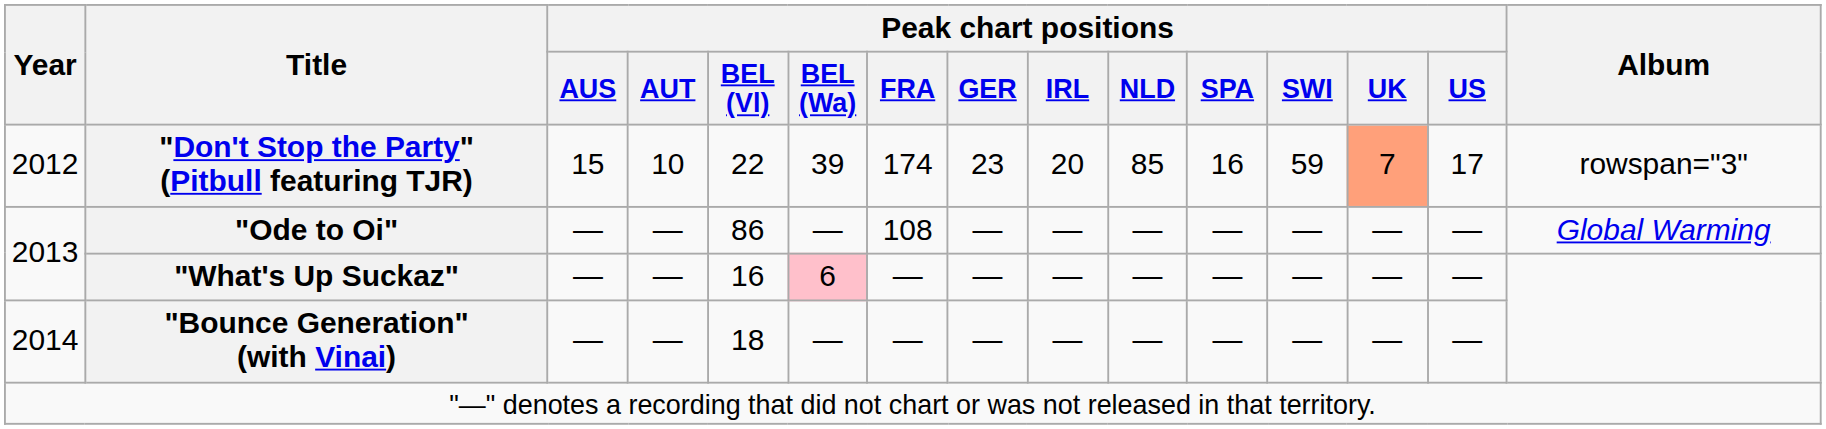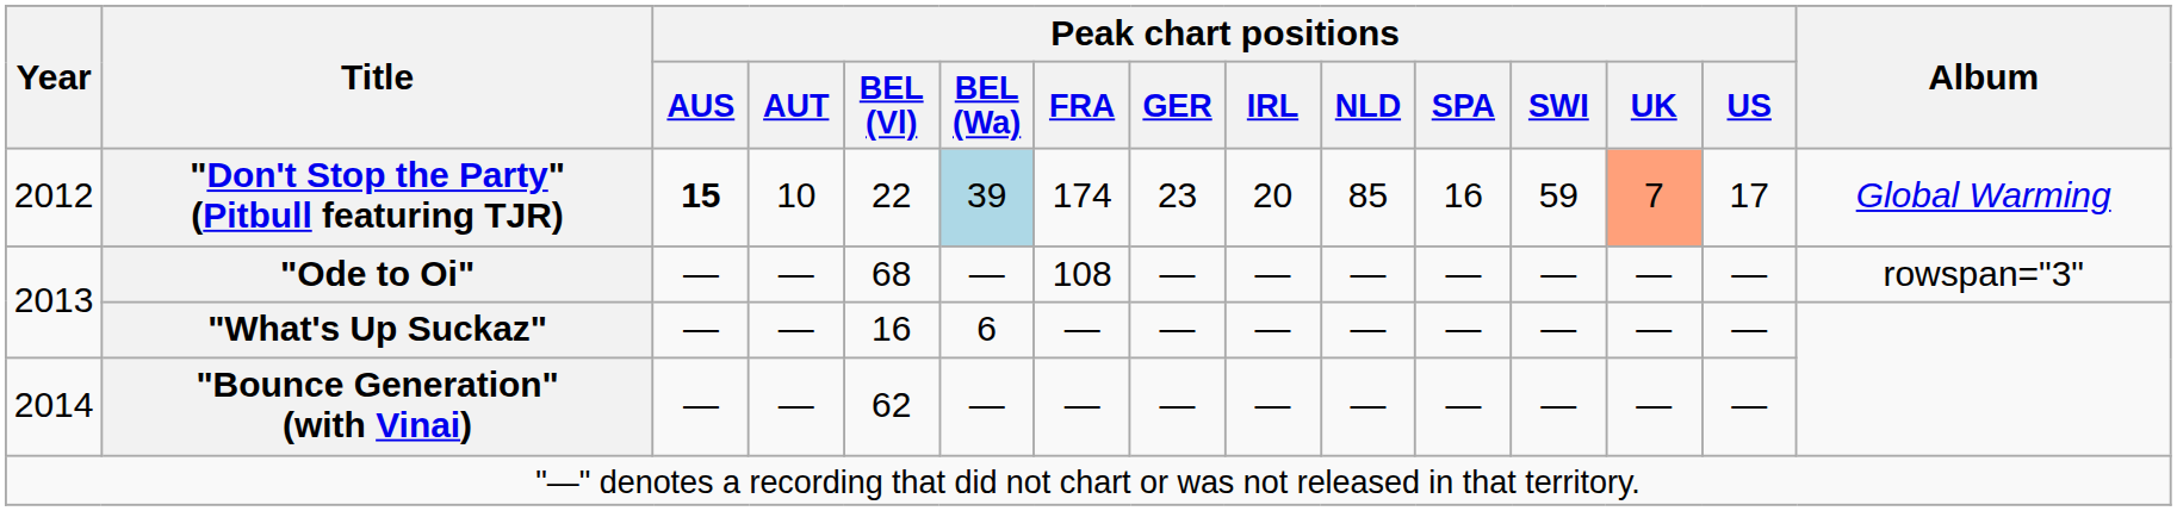 <table class="wikitable plainrowheaders" style="text-align:center;">
 <tr>
 <th scope="col" rowspan="2" style="width:1em;">Year</th>
 <th scope="col" rowspan="2" style="width:15em;">Title</th>
 <th scope="col" colspan="12">Peak chart positions</th>
 <th scope="col" rowspan="2" style="width:10em;">Album</th>
 </tr>
 <tr>
 <th scope="col" style="width:2.5em;font-size:90%;"><a href='#'>AUS</a><br></th>
 <th scope="col" style="width:2.5em;font-size:90%;"><a href='#'>AUT</a><br></th>
 <th scope="col" style="width:2.5em;font-size:90%;"><a href='#'>BEL (Vl)</a><br></th>
 <th scope="col" style="width:2.5em;font-size:90%;"><a href='#'>BEL (Wa)</a><br></th>
 <th scope="col" style="width:2.5em;font-size:90%;"><a href='#'>FRA</a><br></th>
 <th scope="col" style="width:2.5em;font-size:90%;"><a href='#'>GER</a><br></th>
 <th scope="col" style="width:2.5em;font-size:90%;"><a href='#'>IRL</a><br></th>
 <th scope="col" style="width:2.5em;font-size:90%;"><a href='#'>NLD</a><br></th>
 <th scope="col" style="width:2.5em;font-size:90%;"><a href='#'>SPA</a><br></th>
 <th scope="col" style="width:2.5em;font-size:90%;"><a href='#'>SWI</a><br></th>
 <th scope="col" style="width:2.5em;font-size:90%;"><a href='#'>UK</a><br></th>
 <th scope="col" style="width:2.5em;font-size:90%;"><a href='#'>US</a><br></th>
 </tr>
 <tr>
 <td rowspan="1">2012</td>
 <th scope="row">"<a href='#'>Don't Stop the Party</a>" <br><span>(<a href='#'>Pitbull</a> featuring TJR)</span></th>
-<td>15</td>
+<td><strong>15</strong></td>
 <td>10</td>
 <td>22</td>
-<td>39</td>
+<td style="background: lightblue;">39</td>
 <td>174</td>
 <td>23</td>
 <td>20</td>
 <td>85</td>
 <td>16</td>
 <td>59</td>
 <td style="background: lightsalmon;">7</td>
 <td>17</td>
-<td>rowspan="3" </td>
+<td rowspan="1"><em><a href='#'>Global Warming</a></em></td>
 </tr>
 <tr>
 <td rowspan="2">2013</td>
 <th scope="row">"Ode to Oi"</th>
 <td>—</td>
 <td>—</td>
-<td>86</td>
+<td>68</td>
 <td>—</td>
 <td>108</td>
 <td>—</td>
 <td>—</td>
 <td>—</td>
 <td>—</td>
 <td>—</td>
 <td>—</td>
 <td>—</td>
-<td rowspan="1"><em><a href='#'>Global Warming</a></em></td>
+<td>rowspan="3" </td>
 </tr>
 <tr>
 <th scope="row">"What's Up Suckaz"</th>
 <td>—</td>
 <td>—</td>
 <td>16</td>
-<td style="background: pink;">6</td>
+<td>6</td>
 <td>—</td>
 <td>—</td>
 <td>—</td>
 <td>—</td>
 <td>—</td>
 <td>—</td>
 <td>—</td>
 <td>—</td>
 </tr>
 <tr>
 <td>2014</td>
 <th scope="row">"Bounce Generation" <br><span>(with <a href='#'>Vinai</a>)</span></th>
 <td>—</td>
 <td>—</td>
-<td>18</td>
+<td>62</td>
 <td>—</td>
 <td>—</td>
 <td>—</td>
 <td>—</td>
 <td>—</td>
 <td>—</td>
 <td>—</td>
 <td>—</td>
 <td>—</td>
 </tr>
 <tr>
 <td colspan="16" style="font-size:90%">"—" denotes a recording that did not chart or was not released in that territory.</td>
 </tr>
 </table>
